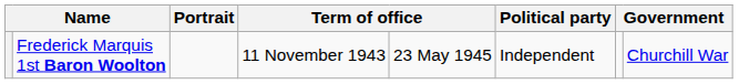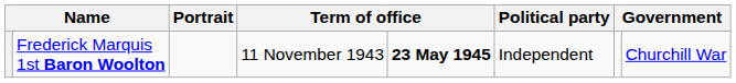 <table class="wikitable">
 <tr>
 <th colspan=2>Name</th>
 <th>Portrait</th>
 <th colspan=2>Term of office</th>
 <th>Political party</th>
 <th colspan=2>Government</th>
 </tr>
 <tr>
 <th style="background-color: "></th>
 <td><a href='#'>Frederick Marquis<br>1st <strong>Baron Woolton</strong></a></td>
 <td></td>
 <td>11 November 1943</td>
-<td>23 May 1945</td>
+<td><strong>23 May 1945</strong></td>
 <td>Independent</td>
 <td></td>
 <td><a href='#'>Churchill War</a></td>
 </tr>
 </table>
